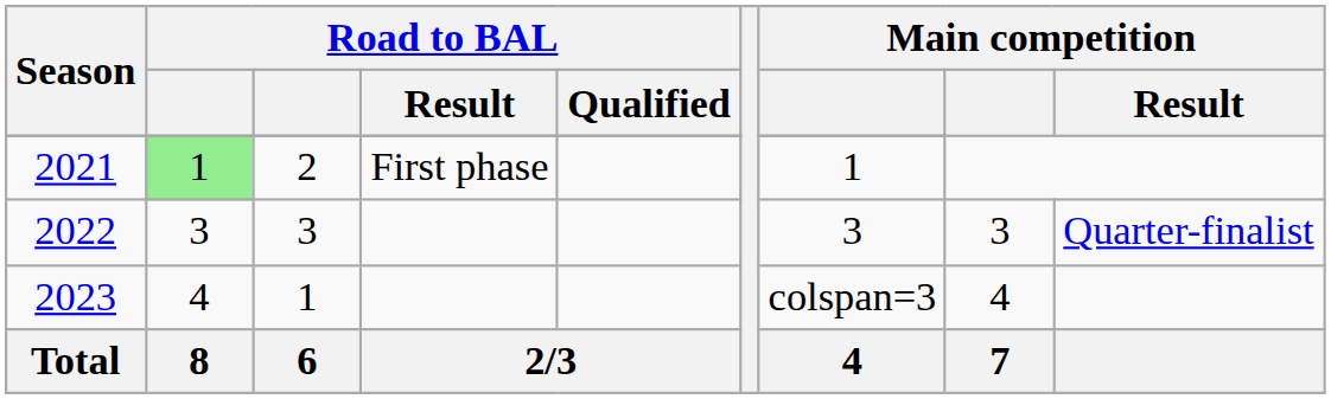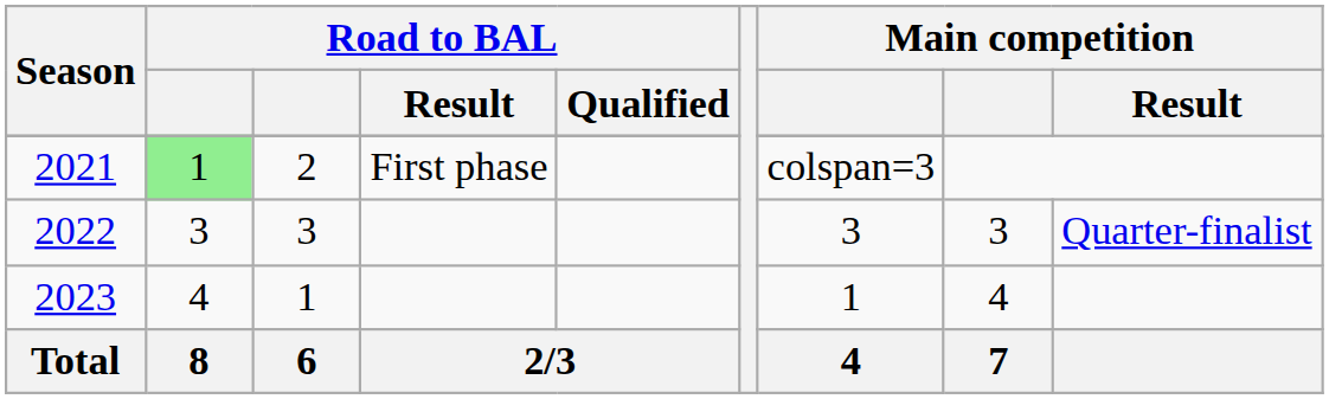 <table class="wikitable" style="text-align:center;">
 <tr>
 <th rowspan=2>Season</th>
 <th colspan=4><a href='#'>Road to BAL</a></th>
 <th rowspan="100"></th>
 <th colspan=3>Main competition</th>
 </tr>
 <tr>
 <th width=35></th>
 <th width=35></th>
 <th>Result</th>
 <th>Qualified</th>
 <th width=35></th>
 <th width=35></th>
 <th>Result</th>
 </tr>
 <tr>
 </tr>
 <tr>
 <td><a href='#'>2021</a></td>
 <td style="background: lightgreen;">1</td>
 <td>2</td>
 <td>First phase</td>
 <td></td>
-<td>1</td>
+<td>colspan=3  </td>
 </tr>
 <tr>
 <td><a href='#'>2022</a></td>
 <td>3</td>
 <td>3</td>
 <td></td>
 <td></td>
 <td>3</td>
 <td>3</td>
 <td><a href='#'>Quarter-finalist</a></td>
 </tr>
 <tr>
 <td><a href='#'>2023</a></td>
 <td>4</td>
 <td>1</td>
 <td></td>
 <td></td>
-<td>colspan=3  </td>
+<td>1</td>
 <td>4</td>
 <td></td>
 </tr>
 <tr>
 <th>Total</th>
 <th>8</th>
 <th>6</th>
 <th colspan=2>2/3</th>
 <th>4</th>
 <th>7</th>
 <th></th>
 </tr>
 </table>
